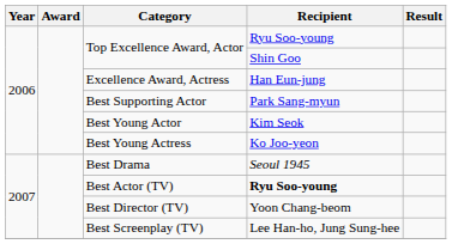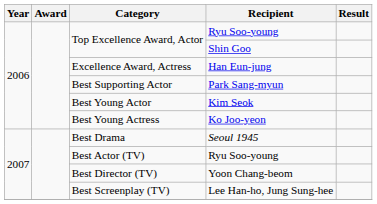 <table class="wikitable">
 <tr>
 <th>Year</th>
 <th>Award</th>
 <th>Category</th>
 <th>Recipient</th>
 <th>Result</th>
 </tr>
 <tr>
 <td rowspan=6>2006</td>
 <td rowspan=6></td>
 <td rowspan=2>Top Excellence Award, Actor</td>
 <td><a href='#'>Ryu Soo-young</a></td>
 <td></td>
 </tr>
 <tr>
 <td><a href='#'>Shin Goo</a></td>
 <td></td>
 </tr>
 <tr>
 <td>Excellence Award, Actress</td>
 <td><a href='#'>Han Eun-jung</a></td>
 <td></td>
 </tr>
 <tr>
 <td>Best Supporting Actor</td>
 <td><a href='#'>Park Sang-myun</a></td>
 <td></td>
 </tr>
 <tr>
 <td>Best Young Actor</td>
 <td><a href='#'>Kim Seok</a></td>
 <td></td>
 </tr>
 <tr>
 <td>Best Young Actress</td>
 <td><a href='#'>Ko Joo-yeon</a></td>
 <td></td>
 </tr>
 <tr>
 <td rowspan=4>2007</td>
 <td rowspan=4></td>
 <td>Best Drama</td>
 <td><em>Seoul 1945</em></td>
 <td></td>
 </tr>
 <tr>
 <td>Best Actor (TV)</td>
-<td><strong>Ryu Soo-young</strong></td>
+<td>Ryu Soo-young</td>
 <td></td>
 </tr>
 <tr>
 <td>Best Director (TV)</td>
 <td>Yoon Chang-beom</td>
 <td></td>
 </tr>
 <tr>
 <td>Best Screenplay (TV)</td>
 <td>Lee Han-ho, Jung Sung-hee</td>
 <td></td>
 </tr>
 <tr>
 </tr>
 </table>
